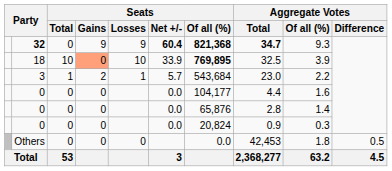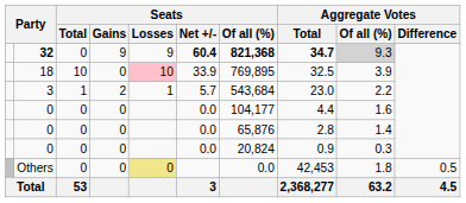 <table class="wikitable sortable" style="text-align:right; font-size:95%;">
 <tr>
 <th colspan="2" rowspan="2">Party</th>
 <th colspan="5">Seats</th>
 <th colspan="3">Aggregate Votes</th>
 </tr>
 <tr>
 <th>Total</th>
 <th>Gains</th>
 <th>Losses</th>
 <th>Net +/-</th>
 <th>Of all (%)</th>
 <th>Total</th>
 <th>Of all (%)</th>
 <th>Difference</th>
 </tr>
 <tr>
 <td></td>
 <td><strong>32</strong></td>
 <td>0</td>
 <td>9</td>
 <td>9</td>
 <td><strong>60.4</strong></td>
 <td><strong>821,368</strong></td>
 <td><strong>34.7</strong></td>
-<td>9.3</td>
+<td style="background: lightgrey;">9.3</td>
 </tr>
 <tr>
 <td></td>
 <td>18</td>
 <td>10</td>
-<td style="background: lightsalmon;">0</td>
-<td>10</td>
+<td>0</td>
+<td style="background: pink;">10</td>
 <td>33.9</td>
-<td><strong>769,895</strong></td>
+<td>769,895</td>
 <td>32.5</td>
 <td>3.9</td>
 </tr>
 <tr>
 <td></td>
 <td>3</td>
 <td>1</td>
 <td>2</td>
 <td>1</td>
 <td>5.7</td>
 <td>543,684</td>
 <td>23.0</td>
 <td>2.2</td>
 </tr>
 <tr>
 <td></td>
 <td>0</td>
 <td>0</td>
 <td>0</td>
 <td></td>
 <td>0.0</td>
 <td>104,177</td>
 <td>4.4</td>
 <td>1.6</td>
 </tr>
 <tr>
 <td></td>
 <td>0</td>
 <td>0</td>
 <td>0</td>
 <td></td>
 <td>0.0</td>
 <td>65,876</td>
 <td>2.8</td>
 <td>1.4</td>
 </tr>
 <tr>
 <td></td>
 <td>0</td>
 <td>0</td>
 <td>0</td>
 <td></td>
 <td>0.0</td>
 <td>20,824</td>
 <td>0.9</td>
 <td>0.3</td>
 </tr>
 <tr>
 <td style="background:silver;"> </td>
 <td align=left>Others</td>
 <td>0</td>
 <td>0</td>
-<td>0</td>
+<td style="background: khaki;">0</td>
 <td></td>
 <td>0.0</td>
 <td>42,453</td>
 <td>1.8</td>
 <td>0.5</td>
 </tr>
 <tr class="sortbottom">
 <th colspan="2" style="background:#f2f2f2"><strong>Total</strong></th>
 <td style="background:#f2f2f2;"><strong>53</strong></td>
 <td style="background:#f2f2f2;"></td>
 <td style="background:#f2f2f2;"></td>
 <td style="background:#f2f2f2;"><strong>3</strong></td>
 <td style="background:#f2f2f2;"></td>
 <td style="background:#f2f2f2;"><strong>2,368,277</strong></td>
 <td style="background:#f2f2f2;"><strong>63.2</strong></td>
 <td style="background:#f2f2f2;"><strong>4.5</strong></td>
 </tr>
 </table>
